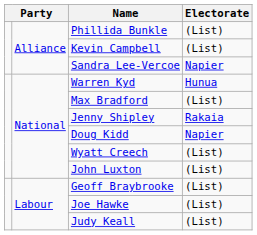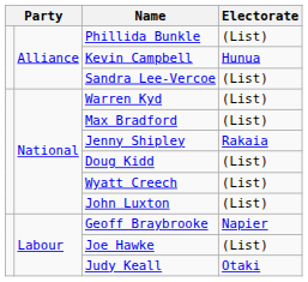 <table class="wikitable">
 <tr>
 <th colspan=2>Party</th>
 <th>Name</th>
 <th>Electorate</th>
 </tr>
 <tr>
 <td rowspan=3 width=3 style="background-color: "></td>
 <td rowspan=3><a href='#'>Alliance</a></td>
 <td><a href='#'>Phillida Bunkle</a></td>
 <td>(List)</td>
 </tr>
 <tr>
 <td><a href='#'>Kevin Campbell</a></td>
-<td>(List)</td>
+<td><a href='#'>Hunua</a></td>
 </tr>
 <tr>
 <td><a href='#'>Sandra Lee-Vercoe</a></td>
-<td><a href='#'>Napier</a></td>
+<td>(List)</td>
 </tr>
 <tr>
 <td rowspan=6 style="background-color: "></td>
 <td rowspan=6><a href='#'>National</a></td>
 <td><a href='#'>Warren Kyd</a></td>
-<td><a href='#'>Hunua</a></td>
+<td>(List)</td>
 </tr>
 <tr>
 <td><a href='#'>Max Bradford</a></td>
 <td>(List)</td>
 </tr>
 <tr>
 <td><a href='#'>Jenny Shipley</a></td>
 <td><a href='#'>Rakaia</a></td>
 </tr>
 <tr>
 <td><a href='#'>Doug Kidd</a></td>
-<td><a href='#'>Napier</a></td>
+<td>(List)</td>
 </tr>
 <tr>
 <td><a href='#'>Wyatt Creech</a></td>
 <td>(List)</td>
 </tr>
 <tr>
 <td><a href='#'>John Luxton</a></td>
 <td>(List)</td>
 </tr>
 <tr>
 <td rowspan=3 style="background-color: "></td>
 <td rowspan=3><a href='#'>Labour</a></td>
 <td><a href='#'>Geoff Braybrooke</a></td>
-<td>(List)</td>
+<td><a href='#'>Napier</a></td>
 </tr>
 <tr>
 <td><a href='#'>Joe Hawke</a></td>
 <td>(List)</td>
 </tr>
 <tr>
 <td><a href='#'>Judy Keall</a></td>
-<td>(List)</td>
+<td><a href='#'>Otaki</a></td>
 </tr>
 </table>
